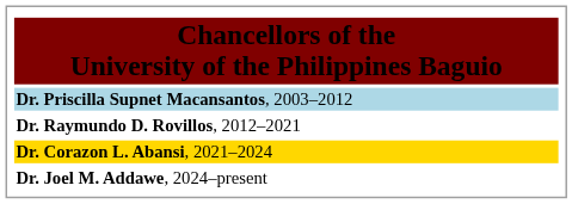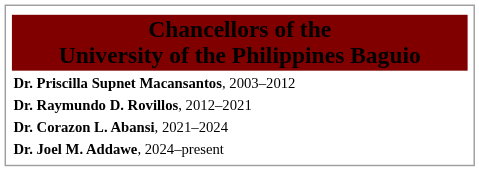 <table style="float:right; margin:1em 1em 1em 1em; width:20em; border: 1px solid #a0a0a0; padding: 2px; bg-color=yellow; text-align:right;">
 <tr style="text-align:center;">
 </tr>
 <tr bgcolor="#800000" align="center">
 <td><span><strong>Chancellors of the<br>University of the Philippines Baguio</strong></span></td>
 </tr>
 <tr style="text-align:left; font-size:x-small;">
-<td style="background: lightblue;"><strong>Dr. Priscilla Supnet Macansantos</strong>, 2003–2012</td>
+<td><strong>Dr. Priscilla Supnet Macansantos</strong>, 2003–2012</td>
 </tr>
 <tr style="text-align:left; font-size:x-small;">
 <td><strong>Dr. Raymundo D. Rovillos</strong>, 2012–2021</td>
 </tr>
 <tr style="text-align:left; font-size:x-small;">
-<td style="background: gold;"><strong>Dr. Corazon L. Abansi</strong>, 2021–2024</td>
+<td><strong>Dr. Corazon L. Abansi</strong>, 2021–2024</td>
 </tr>
 <tr style="text-align:left; font-size:x-small;">
 <td><strong>Dr. Joel M. Addawe</strong>, 2024–present</td>
 </tr>
 </table>
